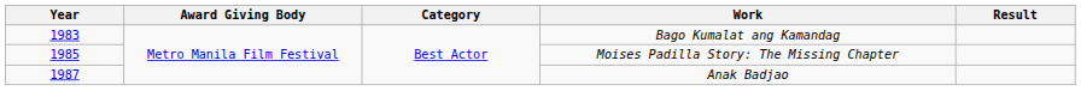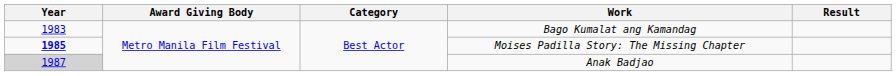 <table | width="90%" class="wikitable sortable">
 <tr>
 <th width="10%">Year</th>
 <th width="20%">Award Giving Body</th>
 <th width="15%">Category</th>
 <th width="35%">Work</th>
 <th width="10%">Result</th>
 </tr>
 <tr>
 <td align="center"><a href='#'>1983</a></td>
 <td rowspan=3 align="center"><a href='#'>Metro Manila Film Festival</a></td>
 <td align="center" rowspan=3><a href='#'>Best Actor</a></td>
 <td align="center"><em>Bago Kumalat ang Kamandag</em></td>
 <td></td>
 </tr>
 <tr>
-<td align="center"><a href='#'>1985</a></td>
+<td align="center"><strong><a href='#'>1985</a></strong></td>
 <td align="center"><em>Moises Padilla Story: The Missing Chapter</em></td>
 <td></td>
 </tr>
 <tr>
-<td align="center"><a href='#'>1987</a></td>
+<td align="center" style="background: lightgrey;"><a href='#'>1987</a></td>
 <td align="center"><em>Anak Badjao</em></td>
 <td></td>
 </tr>
 </table>
